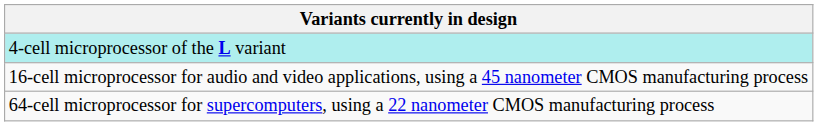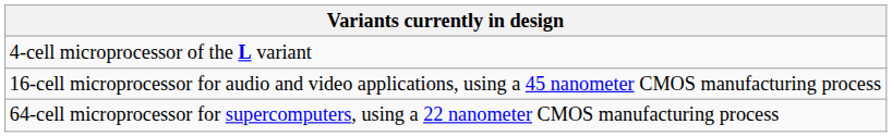 <table class="wikitable">
 <tr>
 <th>Variants currently in design</th>
 </tr>
 <tr>
-<td style="background: paleturquoise;">4-cell microprocessor of the <strong><a href='#'>L</a></strong> variant</td>
+<td>4-cell microprocessor of the <strong><a href='#'>L</a></strong> variant</td>
 </tr>
 <tr>
 <td>16-cell microprocessor for audio and video applications, using a <a href='#'>45 nanometer</a> CMOS manufacturing process</td>
 </tr>
 <tr>
 <td>64-cell microprocessor for <a href='#'>supercomputers</a>, using a <a href='#'>22 nanometer</a> CMOS manufacturing process</td>
 </tr>
 </table>
